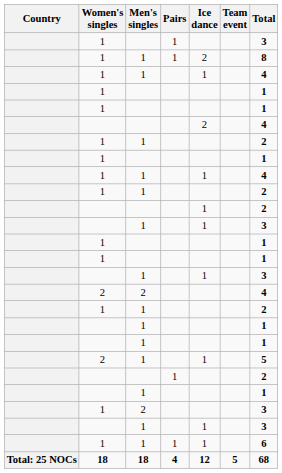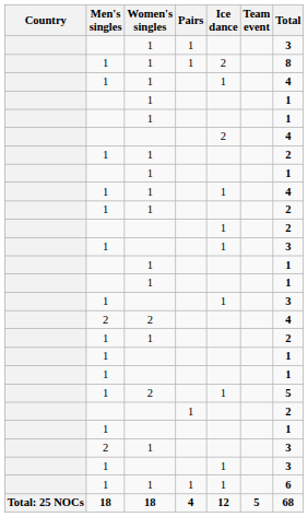 <table class="wikitable sortable" style="text-align:center">
 <tr>
 <th scope="col">Country</th>
+<th scope="col">Men's<br>singles</th>
 <th scope="col">Women's<br>singles</th>
-<th scope="col">Men's<br>singles</th>
 <th scope="col">Pairs</th>
 <th scope="col">Ice<br>dance</th>
 <th scope="col">Team<br>event</th>
 <th scope="col">Total</th>
 </tr>
 <tr>
 <th scope="row" style="text-align:left"></th>
+<td></td>
 <td>1</td>
-<td></td>
 <td>1</td>
 <td></td>
 <td></td>
 <td><strong>3</strong></td>
 </tr>
 <tr>
 <th scope="row" style="text-align:left"></th>
 <td>1</td>
 <td>1</td>
 <td>1</td>
 <td>2</td>
 <td></td>
 <td><strong>8</strong></td>
 </tr>
 <tr>
 <th scope="row" style="text-align:left"></th>
 <td>1</td>
 <td>1</td>
 <td></td>
 <td>1</td>
 <td></td>
 <td><strong>4</strong></td>
 </tr>
 <tr>
 <th scope="row" style="text-align:left"></th>
+<td></td>
 <td>1</td>
-<td></td>
 <td></td>
 <td></td>
 <td></td>
 <td><strong>1</strong></td>
 </tr>
 <tr>
 <th scope="row" style="text-align:left"></th>
+<td></td>
 <td>1</td>
-<td></td>
 <td></td>
 <td></td>
 <td></td>
 <td><strong>1</strong></td>
 </tr>
 <tr>
 <th scope="row" style="text-align:left"></th>
 <td></td>
 <td></td>
 <td></td>
 <td>2</td>
 <td></td>
 <td><strong>4</strong></td>
 </tr>
 <tr>
 <th scope="row" style="text-align:left"></th>
 <td>1</td>
 <td>1</td>
 <td></td>
 <td></td>
 <td></td>
 <td><strong>2</strong></td>
 </tr>
 <tr>
 <th scope="row" style="text-align:left"></th>
+<td></td>
 <td>1</td>
-<td></td>
 <td></td>
 <td></td>
 <td></td>
 <td><strong>1</strong></td>
 </tr>
 <tr>
 <th scope="row" style="text-align:left"></th>
 <td>1</td>
 <td>1</td>
 <td></td>
 <td>1</td>
 <td></td>
 <td><strong>4</strong></td>
 </tr>
 <tr>
 <th scope="row" style="text-align:left"></th>
 <td>1</td>
 <td>1</td>
 <td></td>
 <td></td>
 <td></td>
 <td><strong>2</strong></td>
 </tr>
 <tr>
 <th scope="row" style="text-align:left"></th>
 <td></td>
 <td></td>
 <td></td>
 <td>1</td>
 <td></td>
 <td><strong>2</strong></td>
 </tr>
 <tr>
 <th scope="row" style="text-align:left"></th>
+<td>1</td>
 <td></td>
-<td>1</td>
 <td></td>
 <td>1</td>
 <td></td>
 <td><strong>3</strong></td>
 </tr>
 <tr>
 <th scope="row" style="text-align:left"></th>
+<td></td>
 <td>1</td>
 <td></td>
+<td></td>
+<td></td>
+<td><strong>1</strong></td>
+</tr>
+<tr>
+<th scope="row" style="text-align:left"></th>
+<td></td>
+<td>1</td>
 <td></td>
 <td></td>
 <td></td>
 <td><strong>1</strong></td>
 </tr>
 <tr>
 <th scope="row" style="text-align:left"></th>
 <td>1</td>
 <td></td>
-<td></td>
-<td></td>
-<td></td>
-<td><strong>1</strong></td>
-</tr>
-<tr>
-<th scope="row" style="text-align:left"></th>
-<td></td>
-<td>1</td>
 <td></td>
 <td>1</td>
 <td></td>
 <td><strong>3</strong></td>
 </tr>
 <tr>
 <th scope="row" style="text-align:left"></th>
 <td>2</td>
 <td>2</td>
 <td></td>
 <td></td>
 <td></td>
 <td><strong>4</strong></td>
 </tr>
 <tr>
 <th scope="row" style="text-align:left"></th>
 <td>1</td>
 <td>1</td>
 <td></td>
 <td></td>
 <td></td>
 <td><strong>2</strong></td>
 </tr>
 <tr>
 <th scope="row" style="text-align:left"></th>
+<td>1</td>
 <td></td>
-<td>1</td>
 <td></td>
 <td></td>
 <td></td>
 <td><strong>1</strong></td>
 </tr>
 <tr>
 <th scope="row" style="text-align:left"></th>
+<td>1</td>
 <td></td>
-<td>1</td>
 <td></td>
 <td></td>
 <td></td>
 <td><strong>1</strong></td>
 </tr>
 <tr>
 <th scope="row" style="text-align:left"></th>
+<td>1</td>
 <td>2</td>
-<td>1</td>
 <td></td>
 <td>1</td>
 <td></td>
 <td><strong>5</strong></td>
 </tr>
 <tr>
 <th scope="row" style="text-align:left"></th>
 <td></td>
 <td></td>
 <td>1</td>
 <td></td>
 <td></td>
 <td><strong>2</strong></td>
 </tr>
 <tr>
 <th scope="row" style="text-align:left"></th>
+<td>1</td>
 <td></td>
-<td>1</td>
 <td></td>
 <td></td>
 <td></td>
 <td><strong>1</strong></td>
 </tr>
 <tr>
 <th scope="row" style="text-align:left"></th>
+<td>2</td>
 <td>1</td>
-<td>2</td>
 <td></td>
 <td></td>
 <td></td>
 <td><strong>3</strong></td>
 </tr>
 <tr>
 <th scope="row" style="text-align:left"></th>
+<td>1</td>
 <td></td>
-<td>1</td>
 <td></td>
 <td>1</td>
 <td></td>
 <td><strong>3</strong></td>
 </tr>
 <tr>
 <th scope="row" style="text-align:left"></th>
 <td>1</td>
 <td>1</td>
 <td>1</td>
 <td>1</td>
 <td></td>
 <td><strong>6</strong></td>
 </tr>
 <tr class="sortbottom">
 <th scope="row" style="text-align:left">Total: 25 NOCs</th>
 <td><strong>18</strong></td>
 <td><strong>18</strong></td>
 <td><strong>4</strong></td>
 <td><strong>12</strong></td>
 <td><strong>5</strong></td>
 <td><strong>68</strong></td>
 </tr>
 </table>
